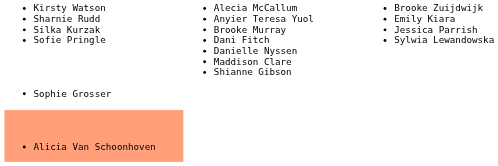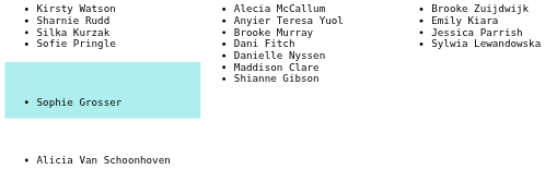 <table>
 <tr>
 <td width=250px><strong></strong></td>
 <td width=250px><strong></strong></td>
 <td width=250px><strong></strong></td>
 </tr>
 <tr style="vertical-align: top;"|>
 <td><br><ul><li>Kirsty Watson</li><li>Sharnie Rudd</li><li>Silka Kurzak</li><li>Sofie Pringle</li></ul></td>
 <td rowspan=3><br><ul><li>Alecia McCallum</li><li>Anyier Teresa Yuol</li><li>Brooke Murray</li><li>Dani Fitch</li><li>Danielle Nyssen</li><li>Maddison Clare</li><li>Shianne Gibson</li></ul></td>
 <td rowspan=3><br><ul><li>Brooke Zuijdwijk</li><li>Emily Kiara</li><li>Jessica Parrish</li><li>Sylwia Lewandowska</li></ul></td>
 </tr>
 <tr style="vertical-align: top;"|>
-<td><strong></strong><br><br><ul><li>Sophie Grosser</li></ul></td>
+<td style="background: paleturquoise;"><strong></strong><br><br><ul><li>Sophie Grosser</li></ul></td>
 </tr>
 <tr style="vertical-align: top;"|>
-<td style="background: lightsalmon;"><strong></strong><br><br><ul><li>Alicia Van Schoonhoven</li></ul></td>
+<td><strong></strong><br><br><ul><li>Alicia Van Schoonhoven</li></ul></td>
 </tr>
 <tr>
 </tr>
 </table>
